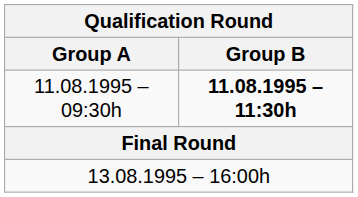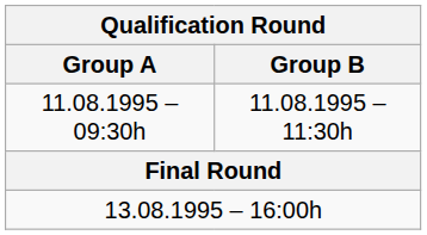 <table class="wikitable" style=" text-align:center; font-size:110%;" width="35%">
 <tr>
 <th colspan="2">Qualification Round</th>
 </tr>
 <tr>
 <th>Group A</th>
 <th>Group B</th>
 </tr>
 <tr>
 <td>11.08.1995 – 09:30h</td>
-<td><strong>11.08.1995 – 11:30h</strong></td>
+<td>11.08.1995 – 11:30h</td>
 </tr>
 <tr>
 <th colspan="2">Final Round</th>
 </tr>
 <tr>
 <td colspan="2">13.08.1995 – 16:00h</td>
 </tr>
 </table>
